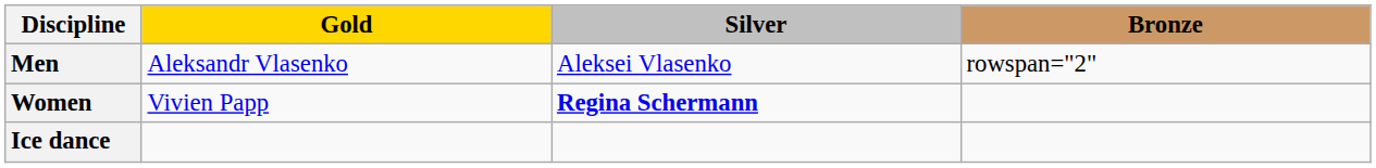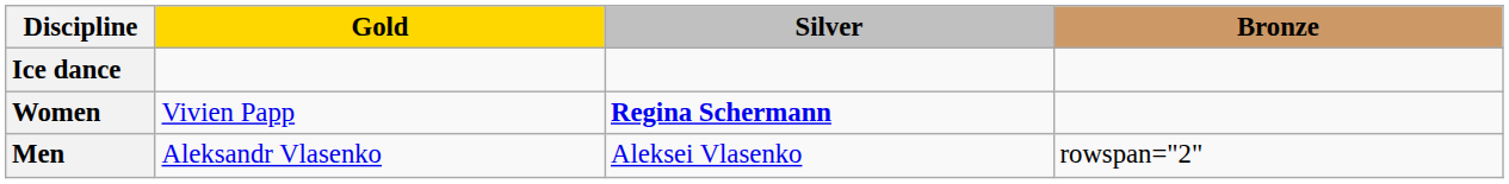 <table class="wikitable unsortable" style="text-align:left; width:70%">
 <tr>
 <th scope="col">Discipline</th>
 <td scope="col" style="text-align:center; width:30%; background:gold"><strong>Gold</strong></td>
 <td scope="col" style="text-align:center; width:30%; background:silver"><strong>Silver</strong></td>
 <td scope="col" style="text-align:center; width:30%; background:#c96"><strong>Bronze</strong></td>
 </tr>
 <tr>
-<th scope="row" style="text-align:left">Men</th>
-<td><a href='#'>Aleksandr Vlasenko</a></td>
-<td><a href='#'>Aleksei Vlasenko</a></td>
-<td>rowspan="2" </td>
+<th scope="row" style="text-align:left">Ice dance</th>
+<td></td>
+<td></td>
+<td></td>
 </tr>
 <tr>
 <th scope="row" style="text-align:left">Women</th>
 <td><a href='#'>Vivien Papp</a></td>
 <td><strong><a href='#'>Regina Schermann</a></strong></td>
 </tr>
 <tr>
-<th scope="row" style="text-align:left">Ice dance</th>
-<td></td>
-<td></td>
-<td></td>
+<th scope="row" style="text-align:left">Men</th>
+<td><a href='#'>Aleksandr Vlasenko</a></td>
+<td><a href='#'>Aleksei Vlasenko</a></td>
+<td>rowspan="2" </td>
 </tr>
 </table>
